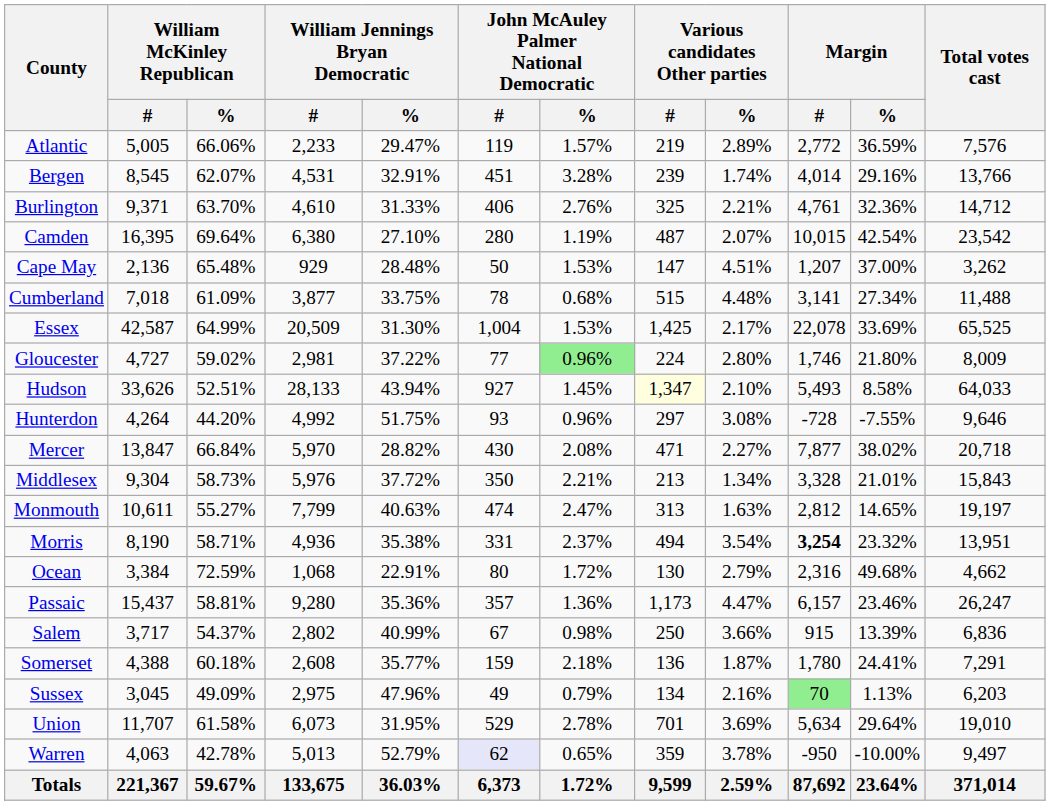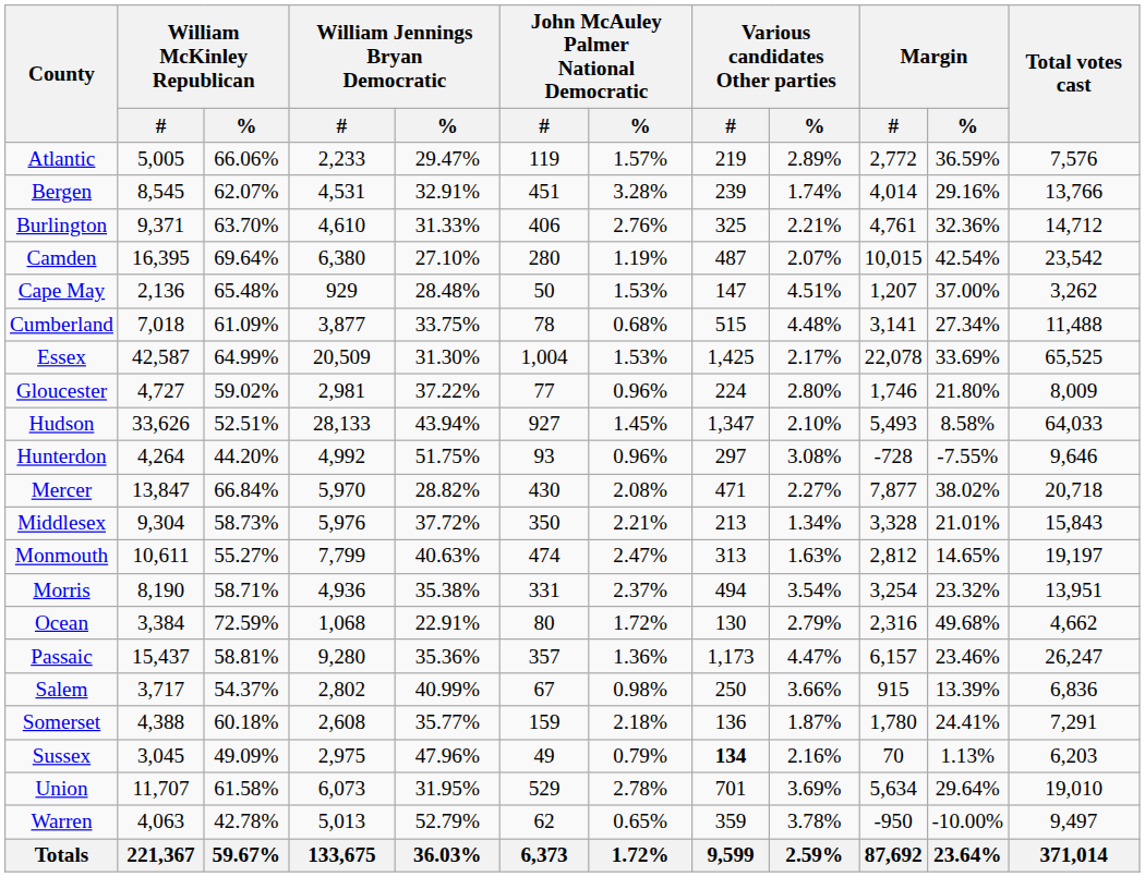 <table class="wikitable sortable" style="text-align:center">
 <tr>
 <th style="text-align:center;" rowspan="2">County</th>
 <th style="text-align:center;" colspan="2">William McKinley<br>Republican</th>
 <th style="text-align:center;" colspan="2">William Jennings Bryan<br>Democratic</th>
 <th style="text-align:center;" colspan="2">John McAuley Palmer<br>National Democratic</th>
 <th style="text-align:center;" colspan="2">Various candidates<br>Other parties</th>
 <th style="text-align:center;" colspan="2">Margin</th>
 <th style="text-align:center;" rowspan="2">Total votes cast</th>
 </tr>
 <tr>
 <th data-sort-type="number">#</th>
 <th data-sort-type="number">%</th>
 <th data-sort-type="number">#</th>
 <th data-sort-type="number">%</th>
 <th data-sort-type="number">#</th>
 <th data-sort-type="number">%</th>
 <th data-sort-type="number">#</th>
 <th data-sort-type="number">%</th>
 <th data-sort-type="number">#</th>
 <th data-sort-type="number">%</th>
 </tr>
 <tr style="text-align:center;">
 <td><a href='#'>Atlantic</a></td>
 <td>5,005</td>
 <td>66.06%</td>
 <td>2,233</td>
 <td>29.47%</td>
 <td>119</td>
 <td>1.57%</td>
 <td>219</td>
 <td>2.89%</td>
 <td>2,772</td>
 <td>36.59%</td>
 <td>7,576</td>
 </tr>
 <tr style="text-align:center;">
 <td><a href='#'>Bergen</a></td>
 <td>8,545</td>
 <td>62.07%</td>
 <td>4,531</td>
 <td>32.91%</td>
 <td>451</td>
 <td>3.28%</td>
 <td>239</td>
 <td>1.74%</td>
 <td>4,014</td>
 <td>29.16%</td>
 <td>13,766</td>
 </tr>
 <tr style="text-align:center;">
 <td><a href='#'>Burlington</a></td>
 <td>9,371</td>
 <td>63.70%</td>
 <td>4,610</td>
 <td>31.33%</td>
 <td>406</td>
 <td>2.76%</td>
 <td>325</td>
 <td>2.21%</td>
 <td>4,761</td>
 <td>32.36%</td>
 <td>14,712</td>
 </tr>
 <tr style="text-align:center;">
 <td><a href='#'>Camden</a></td>
 <td>16,395</td>
 <td>69.64%</td>
 <td>6,380</td>
 <td>27.10%</td>
 <td>280</td>
 <td>1.19%</td>
 <td>487</td>
 <td>2.07%</td>
 <td>10,015</td>
 <td>42.54%</td>
 <td>23,542</td>
 </tr>
 <tr style="text-align:center;">
 <td><a href='#'>Cape May</a></td>
 <td>2,136</td>
 <td>65.48%</td>
 <td>929</td>
 <td>28.48%</td>
 <td>50</td>
 <td>1.53%</td>
 <td>147</td>
 <td>4.51%</td>
 <td>1,207</td>
 <td>37.00%</td>
 <td>3,262</td>
 </tr>
 <tr style="text-align:center;">
 <td><a href='#'>Cumberland</a></td>
 <td>7,018</td>
 <td>61.09%</td>
 <td>3,877</td>
 <td>33.75%</td>
 <td>78</td>
 <td>0.68%</td>
 <td>515</td>
 <td>4.48%</td>
 <td>3,141</td>
 <td>27.34%</td>
 <td>11,488</td>
 </tr>
 <tr style="text-align:center;">
 <td><a href='#'>Essex</a></td>
 <td>42,587</td>
 <td>64.99%</td>
 <td>20,509</td>
 <td>31.30%</td>
 <td>1,004</td>
 <td>1.53%</td>
 <td>1,425</td>
 <td>2.17%</td>
 <td>22,078</td>
 <td>33.69%</td>
 <td>65,525</td>
 </tr>
 <tr style="text-align:center;">
 <td><a href='#'>Gloucester</a></td>
 <td>4,727</td>
 <td>59.02%</td>
 <td>2,981</td>
 <td>37.22%</td>
 <td>77</td>
-<td style="background: lightgreen;">0.96%</td>
+<td>0.96%</td>
 <td>224</td>
 <td>2.80%</td>
 <td>1,746</td>
 <td>21.80%</td>
 <td>8,009</td>
 </tr>
 <tr style="text-align:center;">
 <td><a href='#'>Hudson</a></td>
 <td>33,626</td>
 <td>52.51%</td>
 <td>28,133</td>
 <td>43.94%</td>
 <td>927</td>
 <td>1.45%</td>
-<td style="background: lightyellow;">1,347</td>
+<td>1,347</td>
 <td>2.10%</td>
 <td>5,493</td>
 <td>8.58%</td>
 <td>64,033</td>
 </tr>
 <tr style="text-align:center;">
 <td><a href='#'>Hunterdon</a></td>
 <td>4,264</td>
 <td>44.20%</td>
 <td>4,992</td>
 <td>51.75%</td>
 <td>93</td>
 <td>0.96%</td>
 <td>297</td>
 <td>3.08%</td>
 <td>-728</td>
 <td>-7.55%</td>
 <td>9,646</td>
 </tr>
 <tr style="text-align:center;">
 <td><a href='#'>Mercer</a></td>
 <td>13,847</td>
 <td>66.84%</td>
 <td>5,970</td>
 <td>28.82%</td>
 <td>430</td>
 <td>2.08%</td>
 <td>471</td>
 <td>2.27%</td>
 <td>7,877</td>
 <td>38.02%</td>
 <td>20,718</td>
 </tr>
 <tr style="text-align:center;">
 <td><a href='#'>Middlesex</a></td>
 <td>9,304</td>
 <td>58.73%</td>
 <td>5,976</td>
 <td>37.72%</td>
 <td>350</td>
 <td>2.21%</td>
 <td>213</td>
 <td>1.34%</td>
 <td>3,328</td>
 <td>21.01%</td>
 <td>15,843</td>
 </tr>
 <tr style="text-align:center;">
 <td><a href='#'>Monmouth</a></td>
 <td>10,611</td>
 <td>55.27%</td>
 <td>7,799</td>
 <td>40.63%</td>
 <td>474</td>
 <td>2.47%</td>
 <td>313</td>
 <td>1.63%</td>
 <td>2,812</td>
 <td>14.65%</td>
 <td>19,197</td>
 </tr>
 <tr style="text-align:center;">
 <td><a href='#'>Morris</a></td>
 <td>8,190</td>
 <td>58.71%</td>
 <td>4,936</td>
 <td>35.38%</td>
 <td>331</td>
 <td>2.37%</td>
 <td>494</td>
 <td>3.54%</td>
-<td><strong>3,254</strong></td>
+<td>3,254</td>
 <td>23.32%</td>
 <td>13,951</td>
 </tr>
 <tr style="text-align:center;">
 <td><a href='#'>Ocean</a></td>
 <td>3,384</td>
 <td>72.59%</td>
 <td>1,068</td>
 <td>22.91%</td>
 <td>80</td>
 <td>1.72%</td>
 <td>130</td>
 <td>2.79%</td>
 <td>2,316</td>
 <td>49.68%</td>
 <td>4,662</td>
 </tr>
 <tr style="text-align:center;">
 <td><a href='#'>Passaic</a></td>
 <td>15,437</td>
 <td>58.81%</td>
 <td>9,280</td>
 <td>35.36%</td>
 <td>357</td>
 <td>1.36%</td>
 <td>1,173</td>
 <td>4.47%</td>
 <td>6,157</td>
 <td>23.46%</td>
 <td>26,247</td>
 </tr>
 <tr style="text-align:center;">
 <td><a href='#'>Salem</a></td>
 <td>3,717</td>
 <td>54.37%</td>
 <td>2,802</td>
 <td>40.99%</td>
 <td>67</td>
 <td>0.98%</td>
 <td>250</td>
 <td>3.66%</td>
 <td>915</td>
 <td>13.39%</td>
 <td>6,836</td>
 </tr>
 <tr style="text-align:center;">
 <td><a href='#'>Somerset</a></td>
 <td>4,388</td>
 <td>60.18%</td>
 <td>2,608</td>
 <td>35.77%</td>
 <td>159</td>
 <td>2.18%</td>
 <td>136</td>
 <td>1.87%</td>
 <td>1,780</td>
 <td>24.41%</td>
 <td>7,291</td>
 </tr>
 <tr style="text-align:center;">
 <td><a href='#'>Sussex</a></td>
 <td>3,045</td>
 <td>49.09%</td>
 <td>2,975</td>
 <td>47.96%</td>
 <td>49</td>
 <td>0.79%</td>
-<td>134</td>
+<td><strong>134</strong></td>
 <td>2.16%</td>
-<td style="background: lightgreen;">70</td>
+<td>70</td>
 <td>1.13%</td>
 <td>6,203</td>
 </tr>
 <tr style="text-align:center;">
 <td><a href='#'>Union</a></td>
 <td>11,707</td>
 <td>61.58%</td>
 <td>6,073</td>
 <td>31.95%</td>
 <td>529</td>
 <td>2.78%</td>
 <td>701</td>
 <td>3.69%</td>
 <td>5,634</td>
 <td>29.64%</td>
 <td>19,010</td>
 </tr>
 <tr style="text-align:center;">
 <td><a href='#'>Warren</a></td>
 <td>4,063</td>
 <td>42.78%</td>
 <td>5,013</td>
 <td>52.79%</td>
-<td style="background: lavender;">62</td>
+<td>62</td>
 <td>0.65%</td>
 <td>359</td>
 <td>3.78%</td>
 <td>-950</td>
 <td>-10.00%</td>
 <td>9,497</td>
 </tr>
 <tr style="text-align:center;">
 <th>Totals</th>
 <th>221,367</th>
 <th>59.67%</th>
 <th>133,675</th>
 <th>36.03%</th>
 <th>6,373</th>
 <th>1.72%</th>
 <th>9,599</th>
 <th>2.59%</th>
 <th>87,692</th>
 <th>23.64%</th>
 <th>371,014</th>
 </tr>
 </table>
